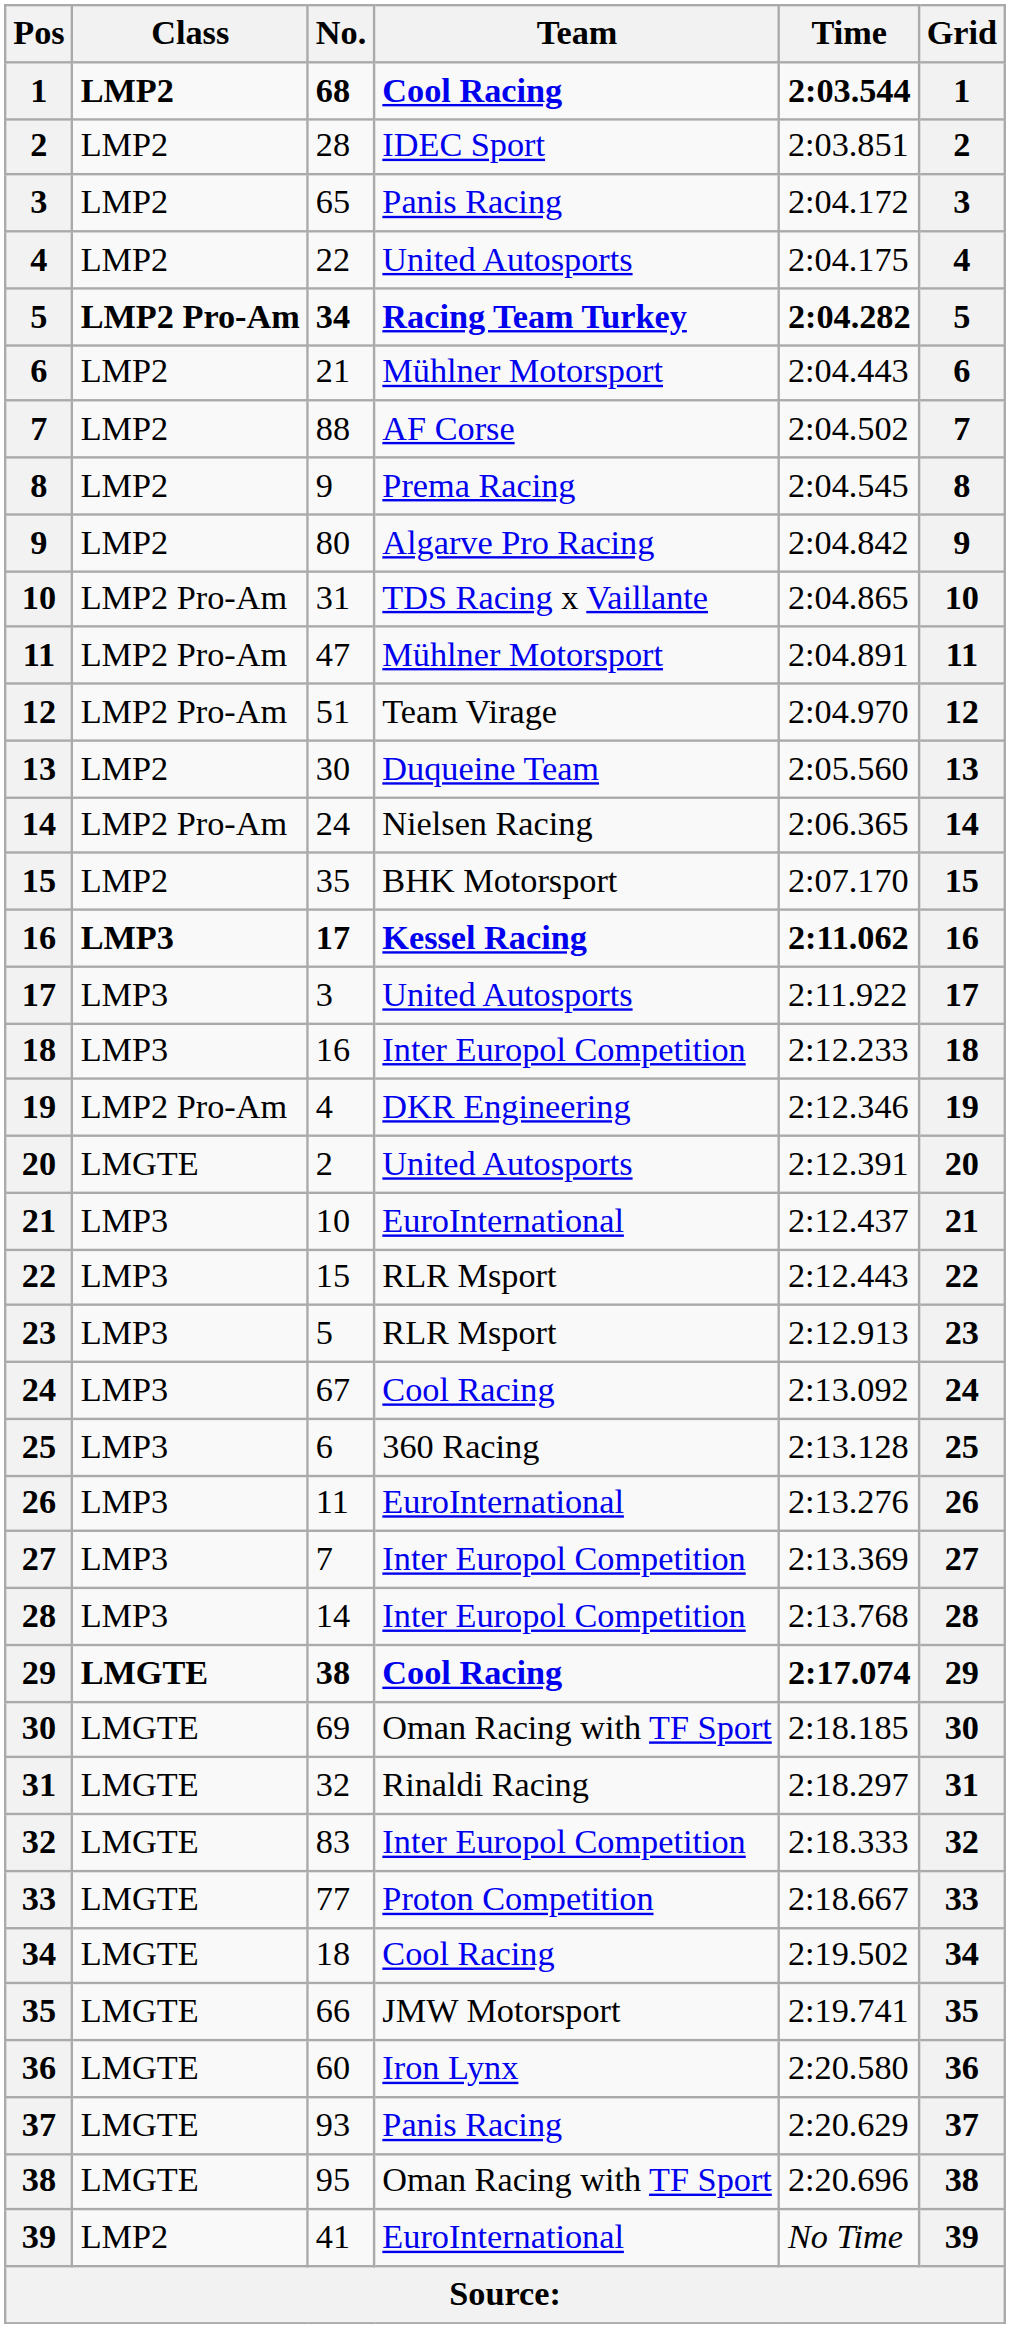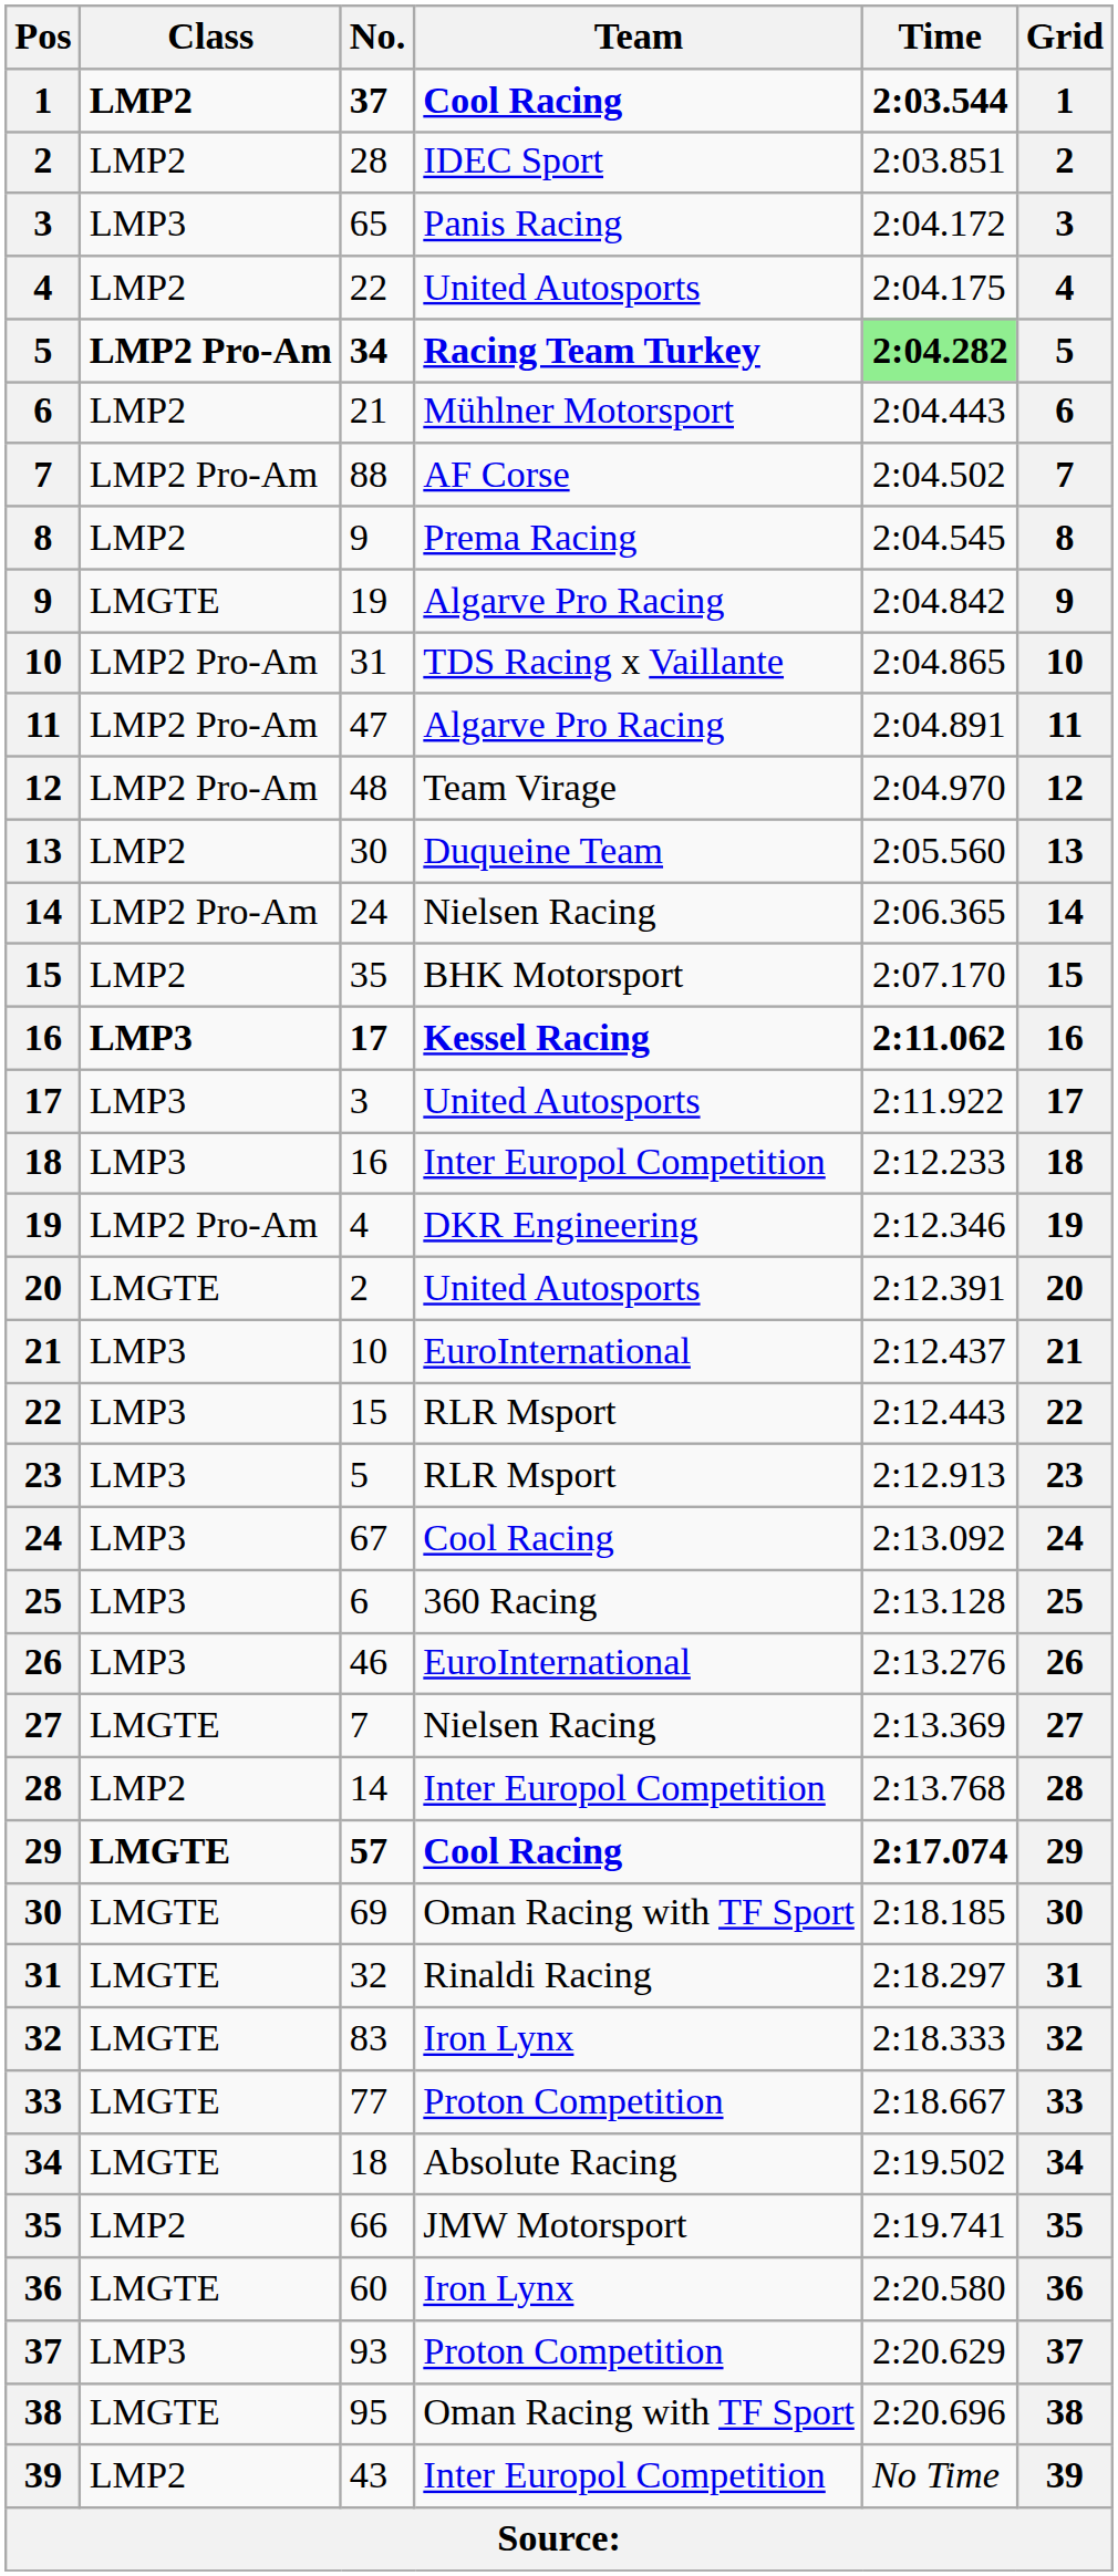 <table class="wikitable sortable" style="font-size: 90%;">
 <tr>
 <th>Pos</th>
 <th class="wikitable unsortable">Class</th>
 <th class="wikitable unsortable">No.</th>
 <th class="wikitable unsortable">Team</th>
 <th>Time</th>
 <th>Grid</th>
 </tr>
 <tr>
 <th>1</th>
 <td><strong>LMP2</strong></td>
-<td><strong>68</strong></td>
+<td><strong>37</strong></td>
 <td><strong> <a href='#'>Cool Racing</a></strong></td>
 <td><strong>2:03.544</strong></td>
 <th>1</th>
 </tr>
 <tr>
 <th>2</th>
 <td>LMP2</td>
 <td>28</td>
 <td> <a href='#'>IDEC Sport</a></td>
 <td>2:03.851</td>
 <th>2</th>
 </tr>
 <tr>
 <th>3</th>
-<td>LMP2</td>
+<td>LMP3</td>
 <td>65</td>
 <td> <a href='#'>Panis Racing</a></td>
 <td>2:04.172</td>
 <th>3</th>
 </tr>
 <tr>
 <th>4</th>
 <td>LMP2</td>
 <td>22</td>
 <td> <a href='#'>United Autosports</a></td>
 <td>2:04.175</td>
 <th>4</th>
 </tr>
 <tr>
 <th>5</th>
 <td><strong>LMP2 Pro-Am</strong></td>
 <td><strong>34</strong></td>
 <td><strong> <a href='#'>Racing Team Turkey</a></strong></td>
-<td><strong>2:04.282</strong></td>
+<td style="background: lightgreen;"><strong>2:04.282</strong></td>
 <th>5</th>
 </tr>
 <tr>
 <th>6</th>
 <td>LMP2</td>
 <td>21</td>
 <td> <a href='#'>Mühlner Motorsport</a></td>
 <td>2:04.443</td>
 <th>6</th>
 </tr>
 <tr>
 <th>7</th>
-<td>LMP2</td>
+<td>LMP2 Pro-Am</td>
 <td>88</td>
 <td> <a href='#'>AF Corse</a></td>
 <td>2:04.502</td>
 <th>7</th>
 </tr>
 <tr>
 <th>8</th>
 <td>LMP2</td>
 <td>9</td>
 <td> <a href='#'>Prema Racing</a></td>
 <td>2:04.545</td>
 <th>8</th>
 </tr>
 <tr>
 <th>9</th>
-<td>LMP2</td>
-<td>80</td>
+<td>LMGTE</td>
+<td>19</td>
 <td> <a href='#'>Algarve Pro Racing</a></td>
 <td>2:04.842</td>
 <th>9</th>
 </tr>
 <tr>
 <th>10</th>
 <td>LMP2 Pro-Am</td>
 <td>31</td>
 <td> <a href='#'>TDS Racing</a> x <a href='#'>Vaillante</a></td>
 <td>2:04.865</td>
 <th>10</th>
 </tr>
 <tr>
 <th>11</th>
 <td>LMP2 Pro-Am</td>
 <td>47</td>
-<td> <a href='#'>Mühlner Motorsport</a></td>
+<td> <a href='#'>Algarve Pro Racing</a></td>
 <td>2:04.891</td>
 <th>11</th>
 </tr>
 <tr>
 <th>12</th>
 <td>LMP2 Pro-Am</td>
-<td>51</td>
+<td>48</td>
 <td> Team Virage</td>
 <td>2:04.970</td>
 <th>12</th>
 </tr>
 <tr>
 <th>13</th>
 <td>LMP2</td>
 <td>30</td>
 <td> <a href='#'>Duqueine Team</a></td>
 <td>2:05.560</td>
 <th>13</th>
 </tr>
 <tr>
 <th>14</th>
 <td>LMP2 Pro-Am</td>
 <td>24</td>
 <td> Nielsen Racing</td>
 <td>2:06.365</td>
 <th>14</th>
 </tr>
 <tr>
 <th>15</th>
 <td>LMP2</td>
 <td>35</td>
 <td> BHK Motorsport</td>
 <td>2:07.170</td>
 <th>15</th>
 </tr>
 <tr>
 <th>16</th>
 <td><strong>LMP3</strong></td>
 <td><strong>17</strong></td>
 <td><strong> <a href='#'>Kessel Racing</a></strong></td>
 <td><strong>2:11.062</strong></td>
 <th>16</th>
 </tr>
 <tr>
 <th>17</th>
 <td>LMP3</td>
 <td>3</td>
 <td> <a href='#'>United Autosports</a></td>
 <td>2:11.922</td>
 <th>17</th>
 </tr>
 <tr>
 <th>18</th>
 <td>LMP3</td>
 <td>16</td>
 <td> <a href='#'>Inter Europol Competition</a></td>
 <td>2:12.233</td>
 <th>18</th>
 </tr>
 <tr>
 <th>19</th>
 <td>LMP2 Pro-Am</td>
 <td>4</td>
 <td> <a href='#'>DKR Engineering</a></td>
 <td>2:12.346</td>
 <th>19</th>
 </tr>
 <tr>
 <th>20</th>
 <td>LMGTE</td>
 <td>2</td>
 <td> <a href='#'>United Autosports</a></td>
 <td>2:12.391</td>
 <th>20</th>
 </tr>
 <tr>
 <th>21</th>
 <td>LMP3</td>
 <td>10</td>
 <td> <a href='#'>EuroInternational</a></td>
 <td>2:12.437</td>
 <th>21</th>
 </tr>
 <tr>
 <th>22</th>
 <td>LMP3</td>
 <td>15</td>
 <td> RLR Msport</td>
 <td>2:12.443</td>
 <th>22</th>
 </tr>
 <tr>
 <th>23</th>
 <td>LMP3</td>
 <td>5</td>
 <td> RLR Msport</td>
 <td>2:12.913</td>
 <th>23</th>
 </tr>
 <tr>
 <th>24</th>
 <td>LMP3</td>
 <td>67</td>
 <td> <a href='#'>Cool Racing</a></td>
 <td>2:13.092</td>
 <th>24</th>
 </tr>
 <tr>
 <th>25</th>
 <td>LMP3</td>
 <td>6</td>
 <td> 360 Racing</td>
 <td>2:13.128</td>
 <th>25</th>
 </tr>
 <tr>
 <th>26</th>
 <td>LMP3</td>
-<td>11</td>
+<td>46</td>
 <td> <a href='#'>EuroInternational</a></td>
 <td>2:13.276</td>
 <th>26</th>
 </tr>
 <tr>
 <th>27</th>
-<td>LMP3</td>
+<td>LMGTE</td>
 <td>7</td>
-<td> <a href='#'>Inter Europol Competition</a></td>
+<td> Nielsen Racing</td>
 <td>2:13.369</td>
 <th>27</th>
 </tr>
 <tr>
 <th>28</th>
-<td>LMP3</td>
+<td>LMP2</td>
 <td>14</td>
 <td> <a href='#'>Inter Europol Competition</a></td>
 <td>2:13.768</td>
 <th>28</th>
 </tr>
 <tr>
 <th>29</th>
 <td><strong>LMGTE</strong></td>
-<td><strong>38</strong></td>
+<td><strong>57</strong></td>
 <td><strong> <a href='#'>Cool Racing</a></strong></td>
 <td><strong>2:17.074</strong></td>
 <th>29</th>
 </tr>
 <tr>
 <th>30</th>
 <td>LMGTE</td>
 <td>69</td>
 <td> Oman Racing with <a href='#'>TF Sport</a></td>
 <td>2:18.185</td>
 <th>30</th>
 </tr>
 <tr>
 <th>31</th>
 <td>LMGTE</td>
 <td>32</td>
 <td> Rinaldi Racing</td>
 <td>2:18.297</td>
 <th>31</th>
 </tr>
 <tr>
 <th>32</th>
 <td>LMGTE</td>
 <td>83</td>
-<td> <a href='#'>Inter Europol Competition</a></td>
+<td> <a href='#'>Iron Lynx</a></td>
 <td>2:18.333</td>
 <th>32</th>
 </tr>
 <tr>
 <th>33</th>
 <td>LMGTE</td>
 <td>77</td>
 <td> <a href='#'>Proton Competition</a></td>
 <td>2:18.667</td>
 <th>33</th>
 </tr>
 <tr>
 <th>34</th>
 <td>LMGTE</td>
 <td>18</td>
-<td> <a href='#'>Cool Racing</a></td>
+<td> Absolute Racing</td>
 <td>2:19.502</td>
 <th>34</th>
 </tr>
 <tr>
 <th>35</th>
-<td>LMGTE</td>
+<td>LMP2</td>
 <td>66</td>
 <td> JMW Motorsport</td>
 <td>2:19.741</td>
 <th>35</th>
 </tr>
 <tr>
 <th>36</th>
 <td>LMGTE</td>
 <td>60</td>
 <td> <a href='#'>Iron Lynx</a></td>
 <td>2:20.580</td>
 <th>36</th>
 </tr>
 <tr>
 <th>37</th>
-<td>LMGTE</td>
+<td>LMP3</td>
 <td>93</td>
-<td> <a href='#'>Panis Racing</a></td>
+<td> <a href='#'>Proton Competition</a></td>
 <td>2:20.629</td>
 <th>37</th>
 </tr>
 <tr>
 <th>38</th>
 <td>LMGTE</td>
 <td>95</td>
 <td> Oman Racing with <a href='#'>TF Sport</a></td>
 <td>2:20.696</td>
 <th>38</th>
 </tr>
 <tr>
 <th>39</th>
 <td>LMP2</td>
-<td>41</td>
-<td> <a href='#'>EuroInternational</a></td>
+<td>43</td>
+<td> <a href='#'>Inter Europol Competition</a></td>
 <td><em>No Time</em></td>
 <th>39</th>
 </tr>
 <tr>
 <th colspan="6">Source:</th>
 </tr>
 </table>
